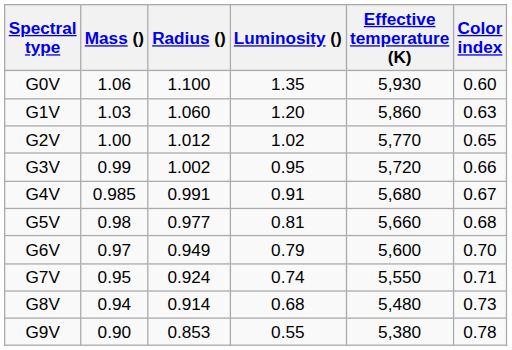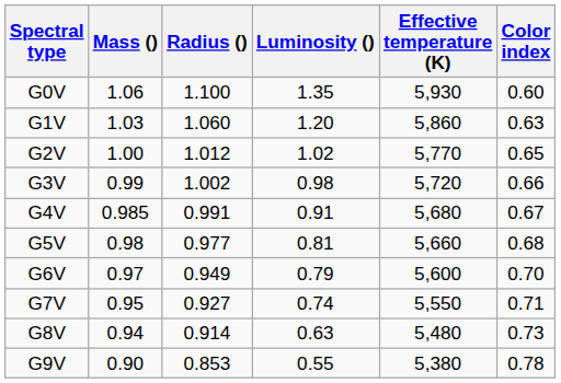 <table class="wikitable floatright" style="text-align:center; font-size:smaller;">
 <tr>
 <th><a href='#'>Spectral<br>type</a></th>
 <th><a href='#'>Mass</a> ()</th>
 <th><a href='#'>Radius</a> ()</th>
 <th><a href='#'>Luminosity</a> ()</th>
 <th><a href='#'>Effective<br>temperature</a><br>(K)</th>
 <th><a href='#'>Color<br>index</a><br></th>
 </tr>
 <tr>
 <td>G0V</td>
 <td>1.06</td>
 <td>1.100</td>
 <td>1.35</td>
 <td style="background-color:#">5,930</td>
 <td>0.60</td>
 </tr>
 <tr>
 <td>G1V</td>
 <td>1.03</td>
 <td>1.060</td>
 <td>1.20</td>
 <td style="background-color:#">5,860</td>
 <td>0.63</td>
 </tr>
 <tr>
 <td>G2V</td>
 <td>1.00</td>
 <td>1.012</td>
 <td>1.02</td>
 <td style="background-color:#">5,770</td>
 <td>0.65</td>
 </tr>
 <tr>
 <td>G3V</td>
 <td>0.99</td>
 <td>1.002</td>
-<td>0.95</td>
+<td>0.98</td>
 <td style="background-color:#">5,720</td>
 <td>0.66</td>
 </tr>
 <tr>
 <td>G4V</td>
 <td>0.985</td>
 <td>0.991</td>
 <td>0.91</td>
 <td style="background-color:#">5,680</td>
 <td>0.67</td>
 </tr>
 <tr>
 <td>G5V</td>
 <td>0.98</td>
 <td>0.977</td>
 <td>0.81</td>
 <td style="background-color:#">5,660</td>
 <td>0.68</td>
 </tr>
 <tr>
 <td>G6V</td>
 <td>0.97</td>
 <td>0.949</td>
 <td>0.79</td>
 <td style="background-color:#">5,600</td>
 <td>0.70</td>
 </tr>
 <tr>
 <td>G7V</td>
 <td>0.95</td>
-<td>0.924</td>
+<td>0.927</td>
 <td>0.74</td>
 <td style="background-color:#">5,550</td>
 <td>0.71</td>
 </tr>
 <tr>
 <td>G8V</td>
 <td>0.94</td>
 <td>0.914</td>
-<td>0.68</td>
+<td>0.63</td>
 <td style="background-color:#">5,480</td>
 <td>0.73</td>
 </tr>
 <tr>
 <td>G9V</td>
 <td>0.90</td>
 <td>0.853</td>
 <td>0.55</td>
 <td style="background-color:#">5,380</td>
 <td>0.78</td>
 </tr>
 </table>
